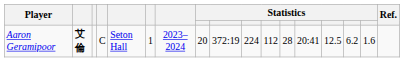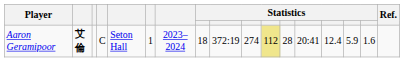 <table class="wikitable sortable" style="font-size:95%; text-align:right;">
 <tr>
 <th rowspan="2">Player</th>
 <th rowspan="2"></th>
 <th rowspan="2"></th>
 <th rowspan="2"></th>
 <th rowspan="2"></th>
 <th rowspan="2"></th>
 <th rowspan="2"></th>
 <th colspan="9">Statistics</th>
 <th rowspan="2">Ref.</th>
 </tr>
 <tr>
 <th></th>
 <th></th>
 <th></th>
 <th></th>
 <th></th>
 <th></th>
 <th></th>
 <th></th>
 <th></th>
 </tr>
 <tr>
 <td align="left"><em><a href='#'>Aaron Geramipoor</a></em></td>
 <td align="left"><strong>艾倫</strong></td>
 <td align="center"></td>
 <td align="center">C</td>
 <td align="left"><a href='#'>Seton Hall</a></td>
 <td align="center">1</td>
 <td align="center"><a href='#'>2023–2024</a></td>
-<td>20</td>
+<td>18</td>
 <td>372:19</td>
-<td>224</td>
-<td>112</td>
+<td>274</td>
+<td style="background: khaki;">112</td>
 <td>28</td>
 <td>20:41</td>
-<td>12.5</td>
-<td>6.2</td>
+<td>12.4</td>
+<td>5.9</td>
 <td>1.6</td>
 <td align="center"></td>
 </tr>
 </table>
